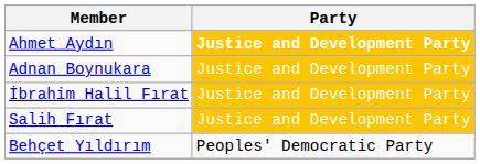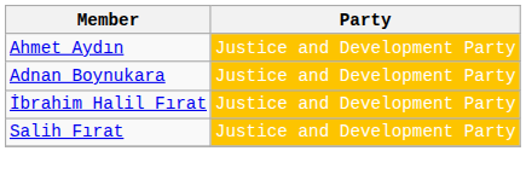 <table class="wikitable">
 <tr>
 <th>Member</th>
 <th>Party</th>
 </tr>
 <tr>
 <td><a href='#'>Ahmet Aydın</a></td>
-<td style="background:#FDC400; color:white"><strong>Justice and Development Party</strong></td>
+<td style="background:#FDC400; color:white">Justice and Development Party</td>
 </tr>
 <tr>
 <td><a href='#'>Adnan Boynukara</a></td>
 <td style="background:#FDC400; color:white">Justice and Development Party</td>
 </tr>
 <tr>
 <td><a href='#'>İbrahim Halil Fırat</a></td>
 <td style="background:#FDC400; color:white">Justice and Development Party</td>
 </tr>
 <tr>
 <td><a href='#'>Salih Fırat</a></td>
 <td style="background:#FDC400; color:white">Justice and Development Party</td>
 </tr>
 <tr>
-<td><a href='#'>Behçet Yıldırım</a></td>
-<td style="background:">Peoples' Democratic Party</td>
-</tr>
-<tr>
 </tr>
 </table>
